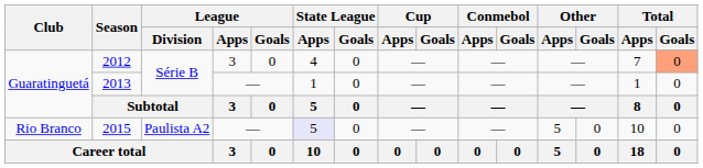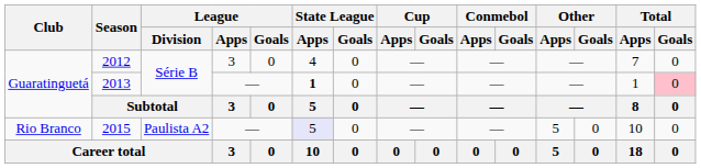 <table class="wikitable" style="text-align: center;">
 <tr>
 <th rowspan="2">Club</th>
 <th rowspan="2">Season</th>
 <th colspan="3">League</th>
 <th colspan="2">State League</th>
 <th colspan="2">Cup</th>
 <th colspan="2">Conmebol</th>
 <th colspan="2">Other</th>
 <th colspan="2">Total</th>
 </tr>
 <tr>
 <th>Division</th>
 <th>Apps</th>
 <th>Goals</th>
 <th>Apps</th>
 <th>Goals</th>
 <th>Apps</th>
 <th>Goals</th>
 <th>Apps</th>
 <th>Goals</th>
 <th>Apps</th>
 <th>Goals</th>
 <th>Apps</th>
 <th>Goals</th>
 </tr>
 <tr>
 <td rowspan=3 valign="center"><a href='#'>Guaratinguetá</a></td>
 <td><a href='#'>2012</a></td>
 <td rowspan=2><a href='#'>Série B</a></td>
 <td>3</td>
 <td>0</td>
 <td>4</td>
 <td>0</td>
 <td colspan="2">—</td>
 <td colspan="2">—</td>
 <td colspan="2">—</td>
 <td>7</td>
-<td style="background: lightsalmon;">0</td>
+<td>0</td>
 </tr>
 <tr>
 <td><a href='#'>2013</a></td>
 <td colspan="2">—</td>
-<td>1</td>
+<td><strong>1</strong></td>
 <td>0</td>
 <td colspan="2">—</td>
 <td colspan="2">—</td>
 <td colspan="2">—</td>
 <td>1</td>
-<td>0</td>
+<td style="background: pink;">0</td>
 </tr>
 <tr>
 <th colspan="2"><strong>Subtotal</strong></th>
 <th>3</th>
 <th>0</th>
 <th>5</th>
 <th>0</th>
 <th colspan="2">—</th>
 <th colspan="2">—</th>
 <th colspan="2">—</th>
 <th>8</th>
 <th>0</th>
 </tr>
 <tr>
 <td valign="center"><a href='#'>Rio Branco</a></td>
 <td><a href='#'>2015</a></td>
 <td><a href='#'>Paulista A2</a></td>
 <td colspan="2">—</td>
 <td style="background: lavender;">5</td>
 <td>0</td>
 <td colspan="2">—</td>
 <td colspan="2">—</td>
 <td>5</td>
 <td>0</td>
 <td>10</td>
 <td>0</td>
 </tr>
 <tr>
 <th colspan="3"><strong>Career total</strong></th>
 <th>3</th>
 <th>0</th>
 <th>10</th>
 <th>0</th>
 <th>0</th>
 <th>0</th>
 <th>0</th>
 <th>0</th>
 <th>5</th>
 <th>0</th>
 <th>18</th>
 <th>0</th>
 </tr>
 </table>
